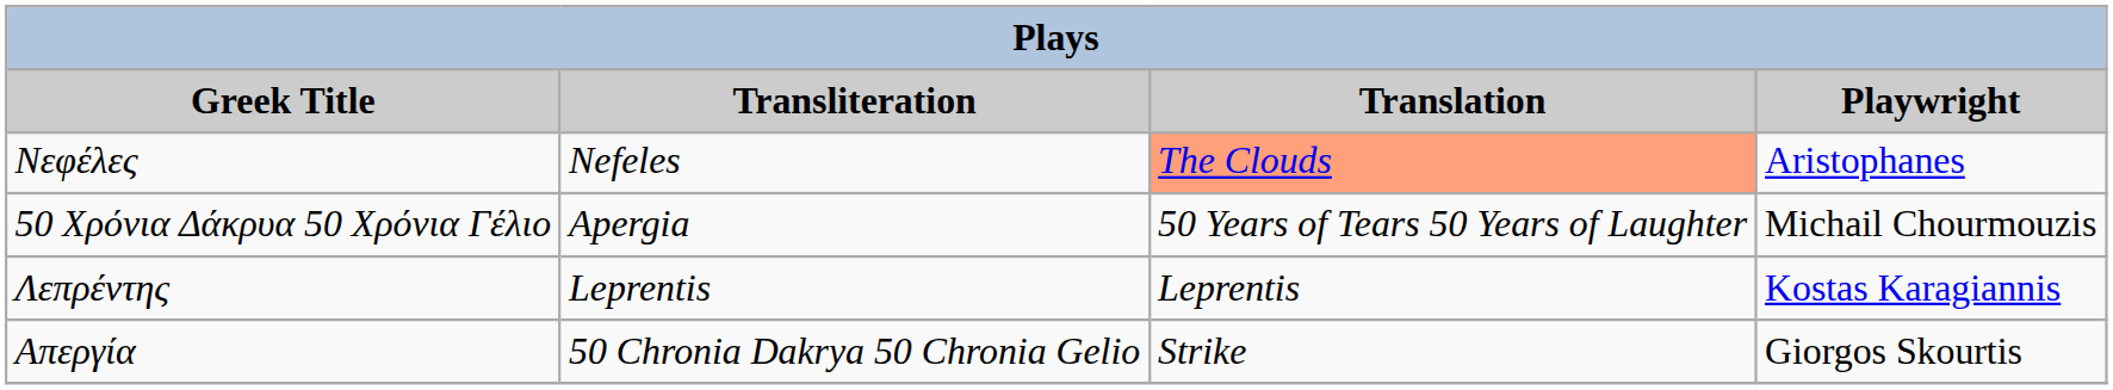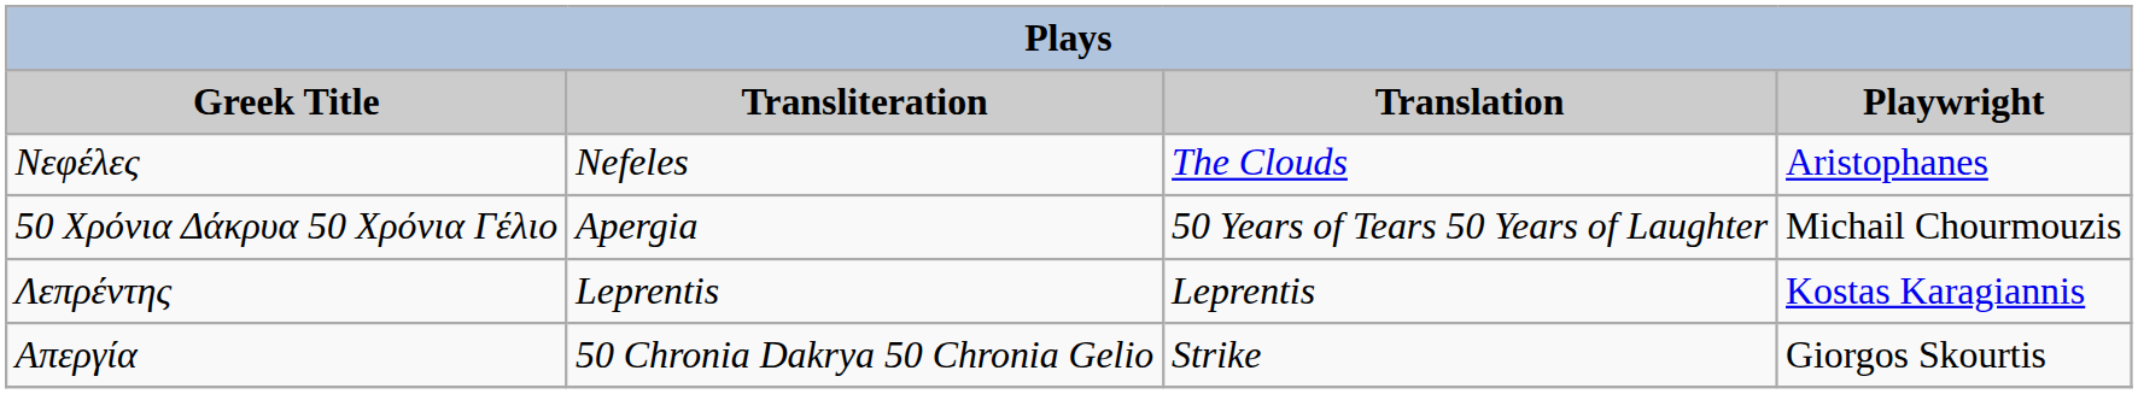 <table class="wikitable" style="font-size:90%">
 <tr style="text-align:center;">
 <th colspan=5 style="background:#B0C4DE;">Plays</th>
 </tr>
 <tr style="text-align:center;">
 <th style="background:#ccc;">Greek Title</th>
 <th style="background:#ccc;">Transliteration</th>
 <th style="background:#ccc;">Translation</th>
 <th style="background:#ccc;">Playwright</th>
 </tr>
 <tr>
 <td><em>Νεφέλες</em></td>
 <td><em>Nefeles</em></td>
-<td style="background: lightsalmon;"><em><a href='#'>The Clouds</a></em></td>
+<td><em><a href='#'>The Clouds</a></em></td>
 <td><a href='#'>Aristophanes</a></td>
 </tr>
 <tr>
 <td><em>50 Χρόνια Δάκρυα 50 Χρόνια Γέλιο</em></td>
 <td><em>Apergia</em></td>
 <td><em>50 Years of Tears 50 Years of Laughter</em></td>
 <td>Michail Chourmouzis</td>
 </tr>
 <tr ‌>
 <td><em>Λεπρέντης</em></td>
 <td><em>Leprentis</em></td>
 <td><em>Leprentis</em></td>
 <td><a href='#'>Kostas Karagiannis</a></td>
 </tr>
 <tr ‌>
 <td><em>Απεργία</em></td>
 <td><em>50 Chronia Dakrya 50 Chronia Gelio</em></td>
 <td><em>Strike</em></td>
 <td>Giorgos Skourtis</td>
 </tr>
 <tr ‌>
 </tr>
 </table>
